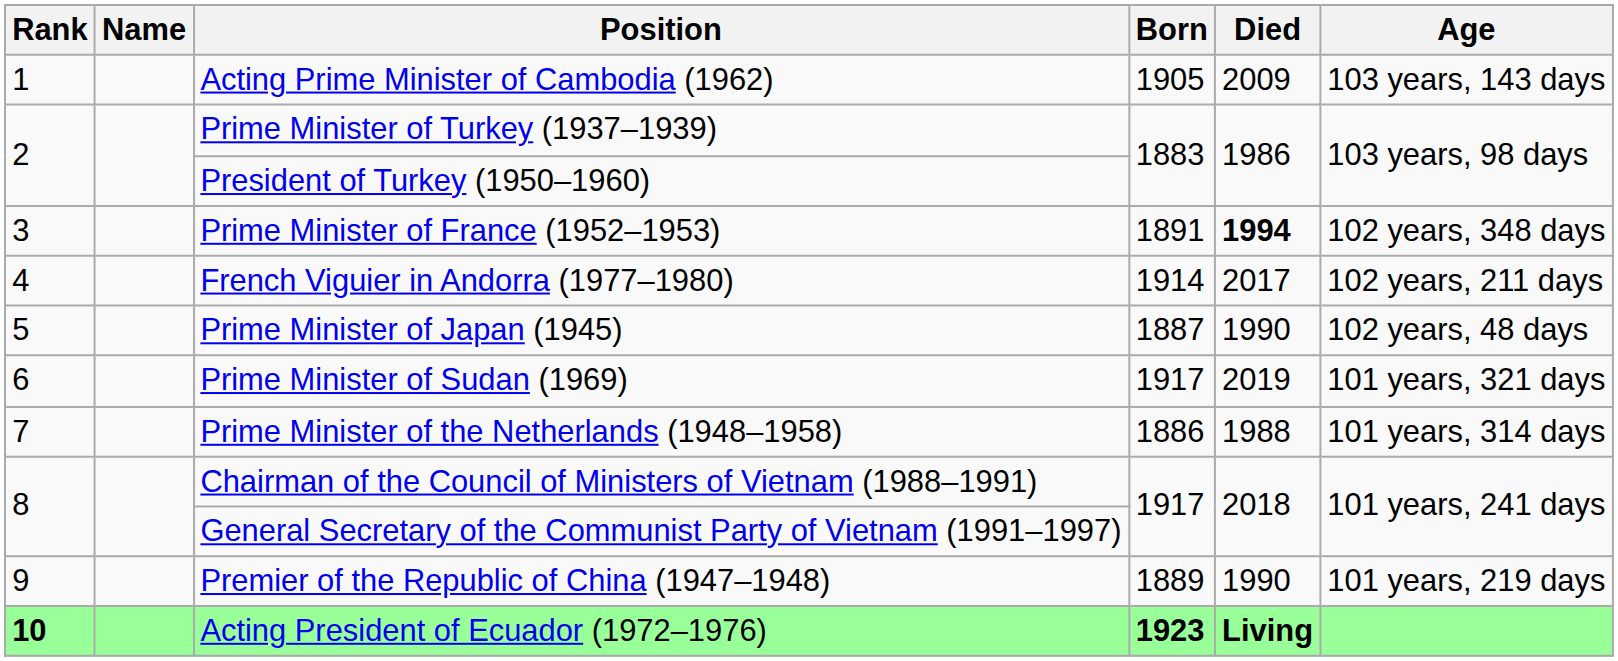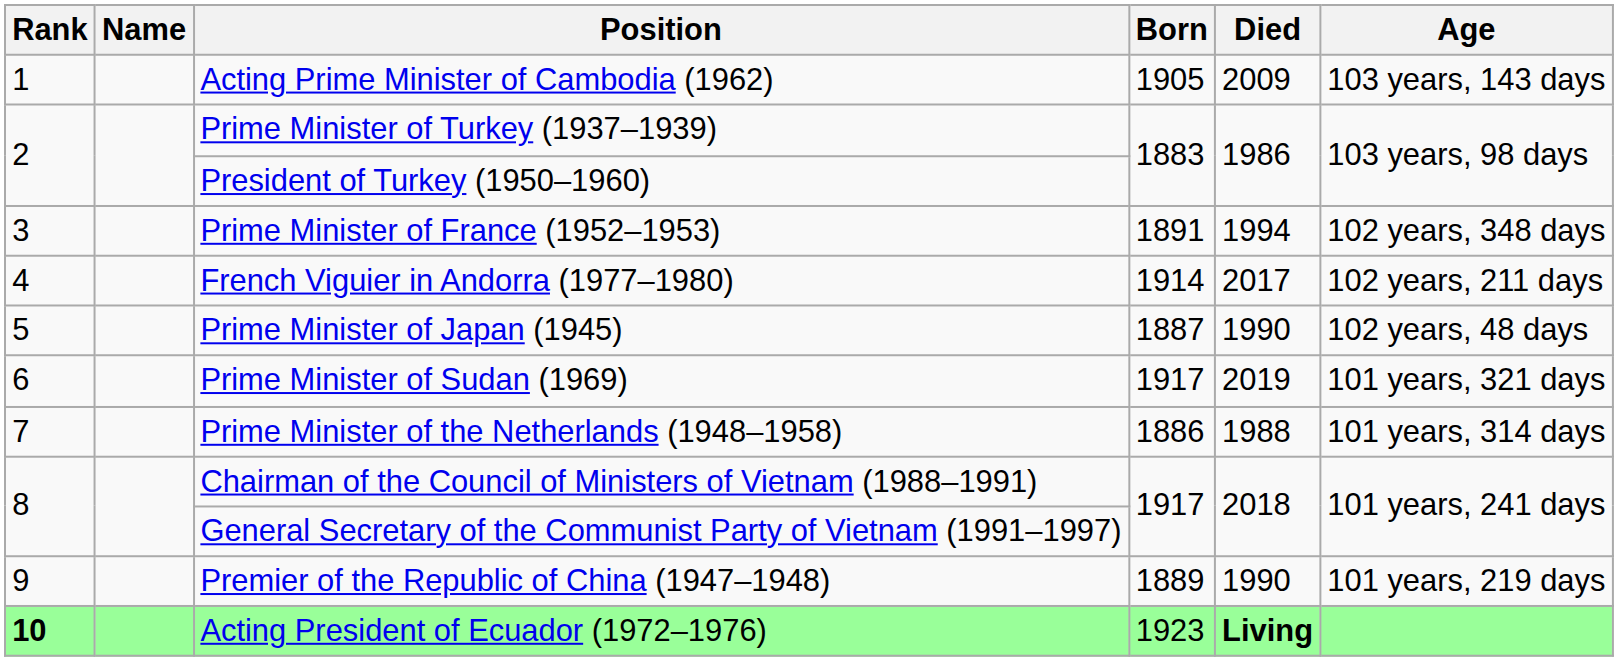 <table class="wikitable sortable" style="font-size:97%">
 <tr>
 <th>Rank</th>
 <th>Name</th>
 <th>Position</th>
 <th>Born</th>
 <th>Died</th>
 <th>Age</th>
 </tr>
 <tr>
 <td>1</td>
 <td></td>
 <td><a href='#'>Acting Prime Minister of Cambodia</a> (1962)</td>
 <td>1905</td>
 <td>2009</td>
 <td>103 years, 143 days</td>
 </tr>
 <tr>
 <td rowspan=2>2</td>
 <td rowspan=2></td>
 <td><a href='#'>Prime Minister of Turkey</a> (1937–1939)</td>
 <td rowspan=2>1883</td>
 <td rowspan=2>1986</td>
 <td rowspan=2>103 years, 98 days</td>
 </tr>
 <tr>
 <td><a href='#'>President of Turkey</a> (1950–1960)</td>
 </tr>
 <tr>
 <td>3</td>
 <td></td>
 <td><a href='#'>Prime Minister of France</a> (1952–1953)</td>
 <td>1891</td>
-<td><strong>1994</strong></td>
+<td>1994</td>
 <td>102 years, 348 days</td>
 </tr>
 <tr>
 <td>4</td>
 <td></td>
 <td><a href='#'>French Viguier in Andorra</a> (1977–1980)</td>
 <td>1914</td>
 <td>2017</td>
 <td>102 years, 211 days</td>
 </tr>
 <tr>
 <td>5</td>
 <td></td>
 <td><a href='#'>Prime Minister of Japan</a> (1945)</td>
 <td>1887</td>
 <td>1990</td>
 <td>102 years, 48 days</td>
 </tr>
 <tr>
 <td>6</td>
 <td></td>
 <td><a href='#'>Prime Minister of Sudan</a> (1969)</td>
 <td>1917</td>
 <td>2019</td>
 <td>101 years, 321 days</td>
 </tr>
 <tr>
 <td>7</td>
 <td></td>
 <td><a href='#'>Prime Minister of the Netherlands</a> (1948–1958)</td>
 <td>1886</td>
 <td>1988</td>
 <td>101 years, 314 days</td>
 </tr>
 <tr>
 <td rowspan=2>8</td>
 <td rowspan=2></td>
 <td><a href='#'>Chairman of the Council of Ministers of Vietnam</a> (1988–1991)</td>
 <td rowspan=2>1917</td>
 <td rowspan=2>2018</td>
 <td rowspan=2>101 years, 241 days</td>
 </tr>
 <tr>
 <td><a href='#'>General Secretary of the Communist Party of Vietnam</a> (1991–1997)</td>
 </tr>
 <tr>
 <td>9</td>
 <td></td>
 <td><a href='#'>Premier of the Republic of China</a> (1947–1948)</td>
 <td>1889</td>
 <td>1990</td>
 <td>101 years, 219 days</td>
 </tr>
 <tr bgcolor="#99FF99">
 <td><strong>10</strong></td>
 <td><strong></strong></td>
 <td><a href='#'>Acting President of Ecuador</a> (1972–1976)</td>
-<td><strong>1923</strong></td>
+<td>1923</td>
 <td><strong>Living</strong></td>
 <td><strong></strong></td>
 </tr>
 </table>
